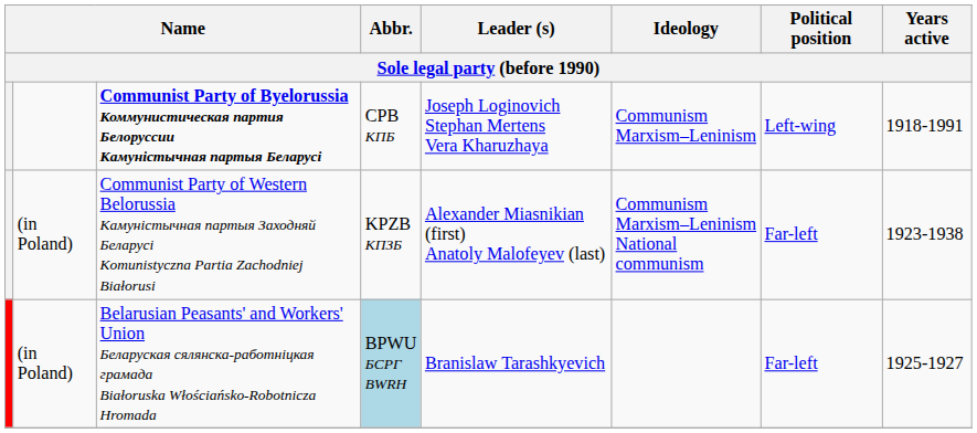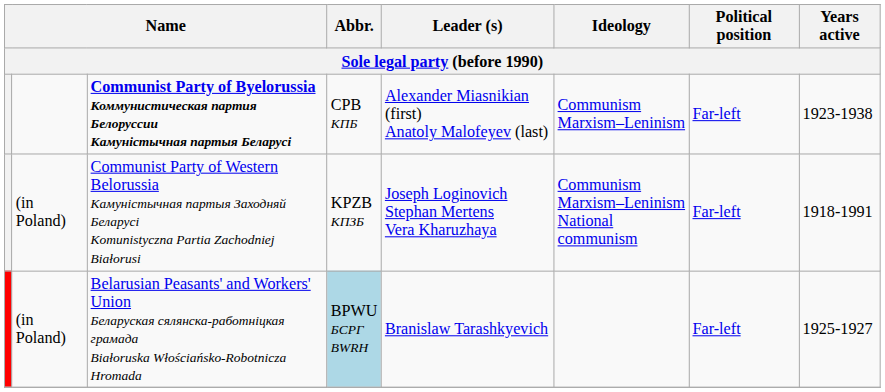 <table class="wikitable sortable">
 <tr>
 <th colspan=3>Name</th>
 <th>Abbr.</th>
 <th>Leader (s)</th>
 <th>Ideology</th>
 <th>Political position</th>
 <th>Years active</th>
 </tr>
 <tr>
 <th colspan=8><a href='#'>Sole legal party</a> (before 1990)</th>
 </tr>
 <tr>
 <th rowspan=1 style="background:"></th>
 <td></td>
 <td><strong><a href='#'>Communist Party of Byelorussia</a><br><small><em>Коммунистическая партия Белоруссии<br>Камуністычная партыя Беларусі</em></small></strong></td>
 <td>CPB<br><small><em>КПБ</em></small></td>
-<td><a href='#'>Joseph Loginovich</a><br><a href='#'>Stephan Mertens</a><br><a href='#'>Vera Kharuzhaya</a></td>
+<td><a href='#'>Alexander Miasnikian</a> (first)<br><a href='#'>Anatoly Malofeyev</a> (last)</td>
 <td><a href='#'>Communism</a><br><a href='#'>Marxism–Leninism</a></td>
-<td><a href='#'>Left-wing</a></td>
-<td>1918-1991<br></td>
+<td><a href='#'>Far-left</a></td>
+<td>1923-1938</td>
 </tr>
 <tr>
 <th rowspan=1 style="background:"></th>
 <td>(in Poland)</td>
 <td><a href='#'>Communist Party of Western Belorussia</a><br><small><em>Камуністычная партыя Заходняй Беларусі<br>Komunistyczna Partia Zachodniej Białorusi</em></small></td>
 <td>KPZB<br><small><em>КПЗБ</em></small></td>
-<td><a href='#'>Alexander Miasnikian</a> (first)<br><a href='#'>Anatoly Malofeyev</a> (last)</td>
+<td><a href='#'>Joseph Loginovich</a><br><a href='#'>Stephan Mertens</a><br><a href='#'>Vera Kharuzhaya</a></td>
 <td><a href='#'>Communism</a><br><a href='#'>Marxism–Leninism</a><br><a href='#'>National communism</a></td>
 <td><a href='#'>Far-left</a></td>
-<td>1923-1938</td>
+<td>1918-1991<br></td>
 </tr>
 <tr>
 <th style="background:#FF0000"></th>
 <td>(in Poland)</td>
 <td><a href='#'>Belarusian Peasants' and Workers' Union</a><br><small><em>Беларуская сялянска-работніцкая грамада<br>Białoruska Włościańsko-Robotnicza Hromada</em></small></td>
 <td style="background: lightblue;">BPWU<br><small><em>БСРГ<br>BWRH</em></small></td>
 <td><a href='#'>Branislaw Tarashkyevich</a></td>
 <td></td>
 <td><a href='#'>Far-left</a></td>
 <td>1925-1927</td>
 </tr>
 <tr>
 </tr>
 </table>
